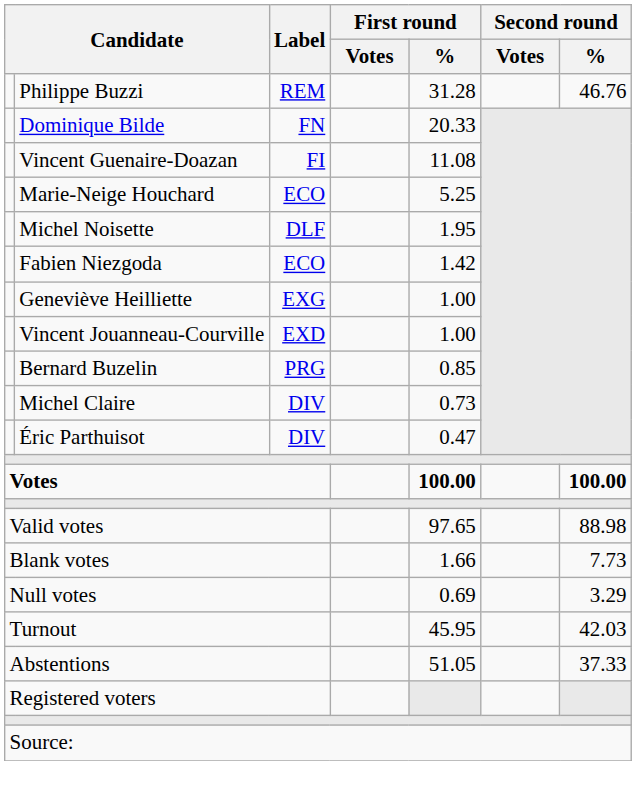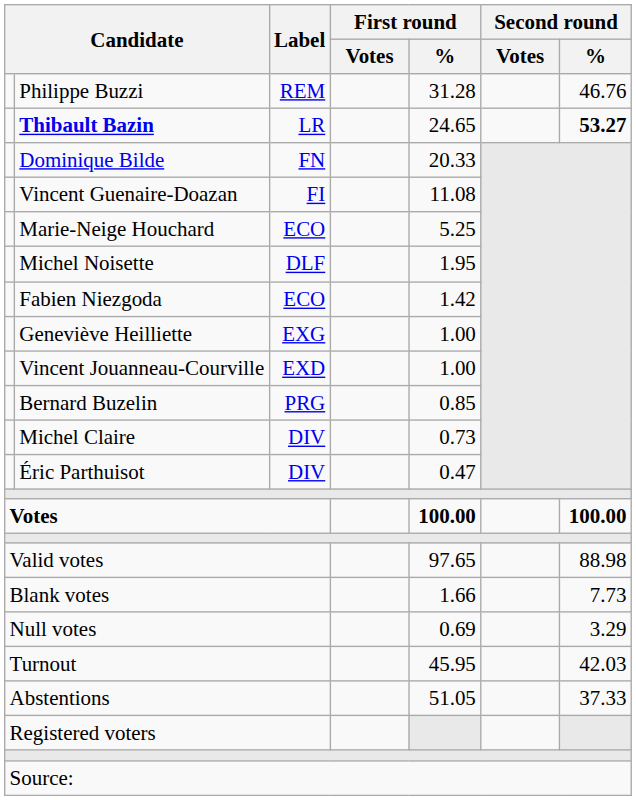 <table class="wikitable" style="text-align:right;font-size:95%;">
 <tr>
 <th rowspan="2" colspan="2">Candidate</th>
 <th rowspan="2">Label</th>
 <th colspan="2">First round</th>
 <th colspan="2">Second round</th>
 </tr>
 <tr>
 <th style="width:50px;">Votes</th>
 <th style="width:45px;">%</th>
 <th style="width:50px;">Votes</th>
 <th style="width:45px;">%</th>
 </tr>
 <tr>
 <td style="color:inherit;background:"></td>
 <td style="text-align:left;">Philippe Buzzi</td>
 <td><a href='#'>REM</a></td>
 <td></td>
 <td>31.28</td>
 <td></td>
 <td>46.76</td>
+</tr>
+<tr>
+<td style="color:inherit;background:"></td>
+<td style="text-align:left;"><strong><a href='#'>Thibault Bazin</a></strong></td>
+<td><a href='#'>LR</a></td>
+<td></td>
+<td>24.65</td>
+<td><strong></strong></td>
+<td><strong>53.27</strong></td>
 </tr>
 <tr>
 <td style="color:inherit;background:"></td>
 <td style="text-align:left;"><a href='#'>Dominique Bilde</a></td>
 <td><a href='#'>FN</a></td>
 <td></td>
 <td>20.33</td>
 <td colspan="2" rowspan="10" style="background:#E9E9E9;"></td>
 </tr>
 <tr>
 <td style="color:inherit;background:"></td>
 <td style="text-align:left;">Vincent Guenaire-Doazan</td>
 <td><a href='#'>FI</a></td>
 <td></td>
 <td>11.08</td>
 </tr>
 <tr>
 <td style="color:inherit;background:"></td>
 <td style="text-align:left;">Marie-Neige Houchard</td>
 <td><a href='#'>ECO</a></td>
 <td></td>
 <td>5.25</td>
 </tr>
 <tr>
 <td style="color:inherit;background:"></td>
 <td style="text-align:left;">Michel Noisette</td>
 <td><a href='#'>DLF</a></td>
 <td></td>
 <td>1.95</td>
 </tr>
 <tr>
 <td style="color:inherit;background:"></td>
 <td style="text-align:left;">Fabien Niezgoda</td>
 <td><a href='#'>ECO</a></td>
 <td></td>
 <td>1.42</td>
 </tr>
 <tr>
 <td style="color:inherit;background:"></td>
 <td style="text-align:left;">Geneviève Heilliette</td>
 <td><a href='#'>EXG</a></td>
 <td></td>
 <td>1.00</td>
 </tr>
 <tr>
 <td style="color:inherit;background:"></td>
 <td style="text-align:left;">Vincent Jouanneau-Courville</td>
 <td><a href='#'>EXD</a></td>
 <td></td>
 <td>1.00</td>
 </tr>
 <tr>
 <td style="color:inherit;background:"></td>
 <td style="text-align:left;">Bernard Buzelin</td>
 <td><a href='#'>PRG</a></td>
 <td></td>
 <td>0.85</td>
 </tr>
 <tr>
 <td style="color:inherit;background:"></td>
 <td style="text-align:left;">Michel Claire</td>
 <td><a href='#'>DIV</a></td>
 <td></td>
 <td>0.73</td>
 </tr>
 <tr>
 <td style="color:inherit;background:"></td>
 <td style="text-align:left;">Éric Parthuisot</td>
 <td><a href='#'>DIV</a></td>
 <td></td>
 <td>0.47</td>
 </tr>
 <tr>
 <td colspan="7" style="background:#E9E9E9;"></td>
 </tr>
 <tr style="font-weight:bold;">
 <td colspan="3" style="text-align:left;">Votes</td>
 <td></td>
 <td>100.00</td>
 <td></td>
 <td>100.00</td>
 </tr>
 <tr>
 <td colspan="7" style="background:#E9E9E9;"></td>
 </tr>
 <tr>
 <td colspan="3" style="text-align:left;">Valid votes</td>
 <td></td>
 <td>97.65</td>
 <td></td>
 <td>88.98</td>
 </tr>
 <tr>
 <td colspan="3" style="text-align:left;">Blank votes</td>
 <td></td>
 <td>1.66</td>
 <td></td>
 <td>7.73</td>
 </tr>
 <tr>
 <td colspan="3" style="text-align:left;">Null votes</td>
 <td></td>
 <td>0.69</td>
 <td></td>
 <td>3.29</td>
 </tr>
 <tr>
 <td colspan="3" style="text-align:left;">Turnout</td>
 <td></td>
 <td>45.95</td>
 <td></td>
 <td>42.03</td>
 </tr>
 <tr>
 <td colspan="3" style="text-align:left;">Abstentions</td>
 <td></td>
 <td>51.05</td>
 <td></td>
 <td>37.33</td>
 </tr>
 <tr>
 <td colspan="3" style="text-align:left;">Registered voters</td>
 <td></td>
 <td style="background:#E9E9E9;"></td>
 <td></td>
 <td style="background:#E9E9E9;"></td>
 </tr>
 <tr>
 <td colspan="7" style="background:#E9E9E9;"></td>
 </tr>
 <tr>
 <td colspan="7" style="text-align:left;">Source: </td>
 </tr>
 </table>
